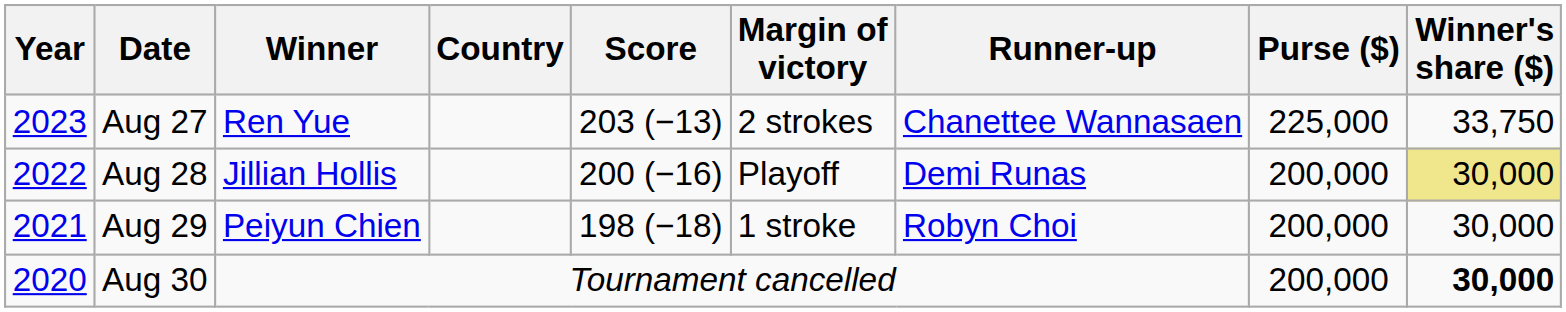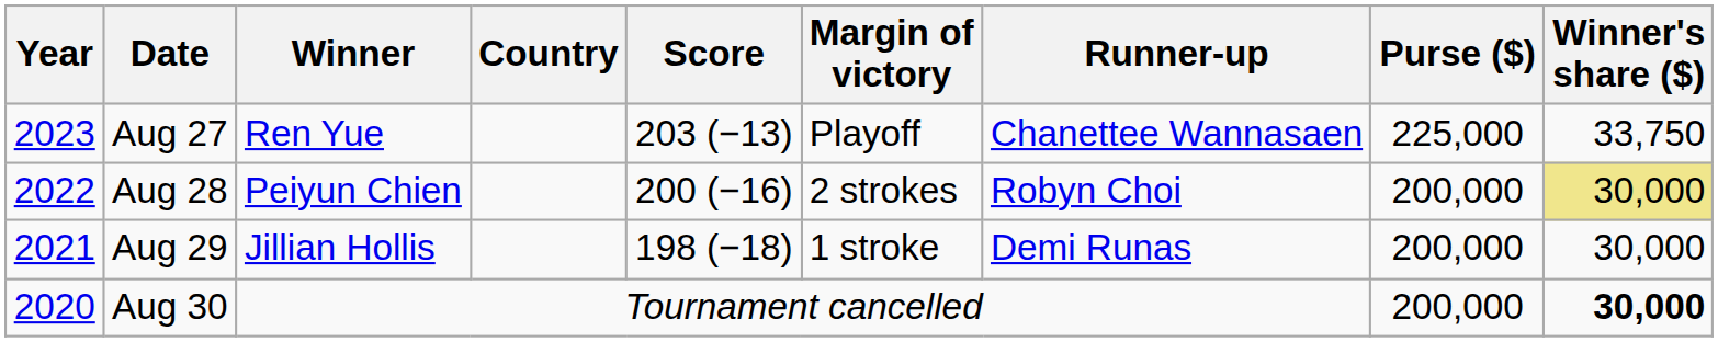 <table class="wikitable">
 <tr>
 <th>Year</th>
 <th>Date</th>
 <th>Winner</th>
 <th>Country</th>
 <th>Score</th>
 <th>Margin of<br>victory</th>
 <th>Runner-up</th>
 <th>Purse ($)</th>
 <th>Winner's<br>share ($)</th>
 </tr>
 <tr>
 <td><a href='#'>2023</a></td>
 <td>Aug 27</td>
 <td><a href='#'>Ren Yue</a></td>
 <td></td>
 <td>203 (−13)</td>
-<td>2 strokes</td>
+<td>Playoff</td>
 <td> <a href='#'>Chanettee Wannasaen</a></td>
 <td align=center>225,000</td>
 <td align=right>33,750</td>
 </tr>
 <tr>
 <td><a href='#'>2022</a></td>
 <td>Aug 28</td>
-<td><a href='#'>Jillian Hollis</a></td>
+<td><a href='#'>Peiyun Chien</a></td>
 <td></td>
 <td>200 (−16)</td>
-<td>Playoff</td>
-<td> <a href='#'>Demi Runas</a></td>
+<td>2 strokes</td>
+<td> <a href='#'>Robyn Choi</a></td>
 <td align=center>200,000</td>
 <td align=right style="background: khaki;">30,000</td>
 </tr>
 <tr>
 <td><a href='#'>2021</a></td>
 <td>Aug 29</td>
-<td><a href='#'>Peiyun Chien</a></td>
+<td><a href='#'>Jillian Hollis</a></td>
 <td></td>
 <td>198 (−18)</td>
 <td>1 stroke</td>
-<td> <a href='#'>Robyn Choi</a></td>
+<td> <a href='#'>Demi Runas</a></td>
 <td align=center>200,000</td>
 <td align=right>30,000</td>
 </tr>
 <tr>
 <td><a href='#'>2020</a></td>
 <td>Aug 30</td>
 <td colspan=5 align=center><em>Tournament cancelled</em></td>
 <td align=center>200,000</td>
 <td align=right><strong>30,000</strong></td>
 </tr>
 </table>
